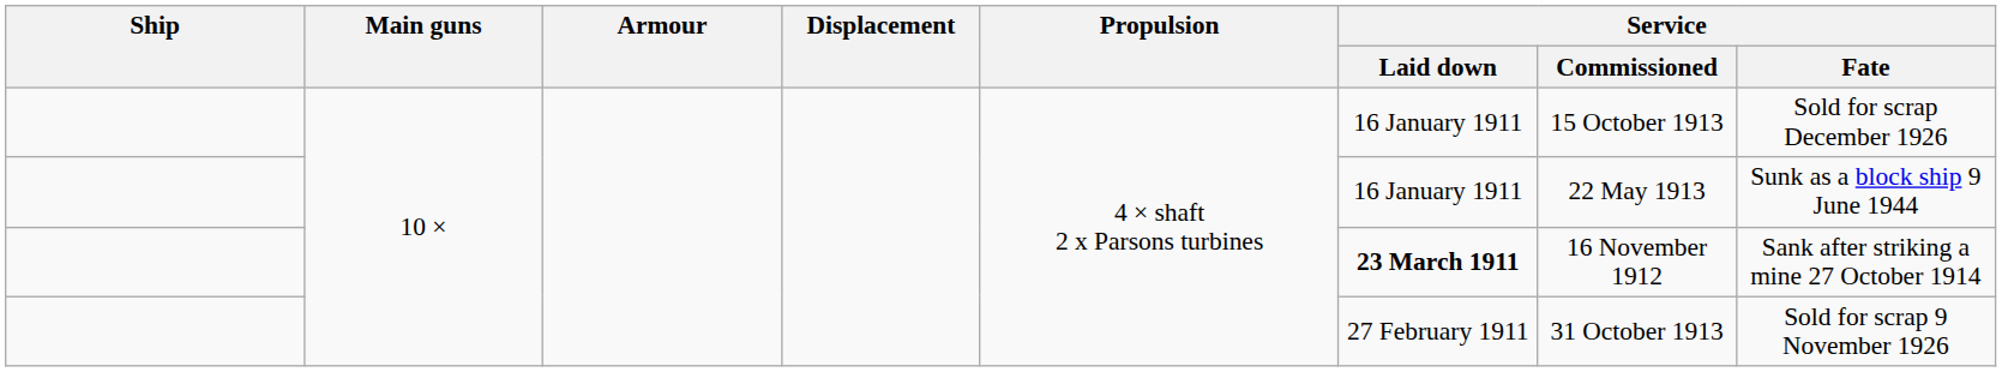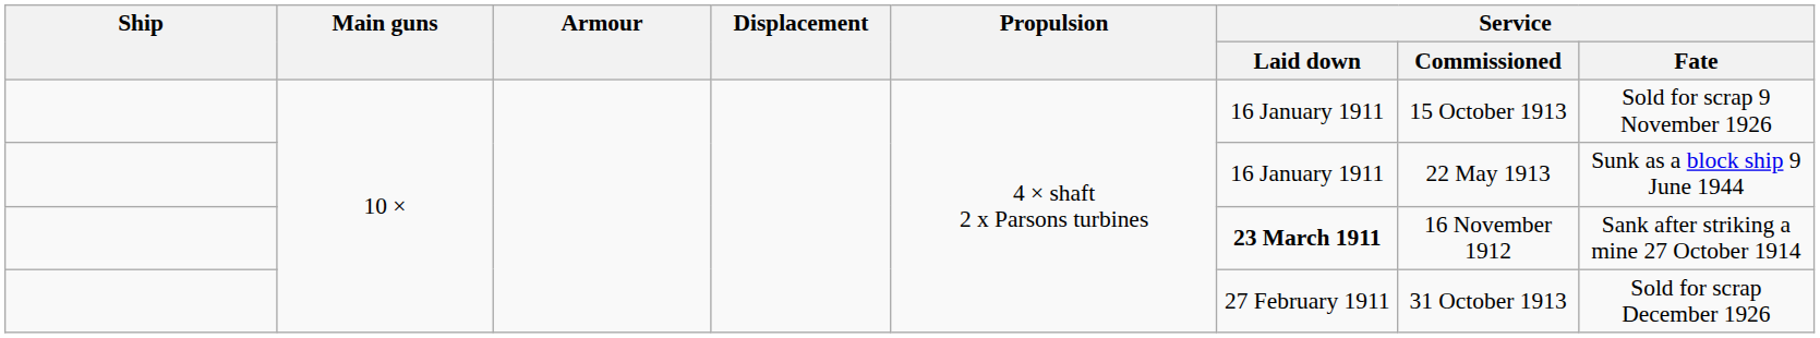 <table class="wikitable" style="width:98%;">
 <tr valign="top"|- valign="top">
 <th style="width:15%; text-align:center;" rowspan="2">Ship</th>
 <th style="width:12%; text-align:center;" rowspan="2">Main guns</th>
 <th style="width:12%; text-align:center;" rowspan="2">Armour</th>
 <th style="width:10%; text-align:center;" rowspan="2">Displacement</th>
 <th style="width:18%; text-align:center;" rowspan="2">Propulsion</th>
 <th style="width:40%; text-align:center;" colspan="3">Service</th>
 </tr>
 <tr valign="top">
 <th style="width:10%; text-align:center;">Laid down</th>
 <th style="width:10%; text-align:center;">Commissioned</th>
 <th style="width:20%; text-align:center;">Fate</th>
 </tr>
 <tr valign="center">
 <td align= center></td>
 <td style="text-align:center;" rowspan=4>10 × </td>
 <td style="text-align:center;" rowspan=4></td>
 <td style="text-align:center;" rowspan=4></td>
 <td align= center rowspan=4>4 × shaft<br>2 x Parsons turbines<br></td>
 <td style="text-align:center;">16 January 1911</td>
 <td style="text-align:center;">15 October 1913</td>
-<td align= center>Sold for scrap December 1926</td>
+<td align= center>Sold for scrap 9 November 1926</td>
 </tr>
 <tr valign="center">
 <td align= center></td>
 <td style="text-align:center;">16 January 1911</td>
 <td style="text-align:center;">22 May 1913</td>
 <td align= center>Sunk as a <a href='#'>block ship</a> 9 June 1944</td>
 </tr>
 <tr valign="center">
 <td align= center></td>
 <td style="text-align:center;"><strong>23 March 1911</strong></td>
 <td style="text-align:center;">16 November 1912</td>
 <td align= center>Sank after striking a mine 27 October 1914</td>
 </tr>
 <tr valign="center">
 <td align= center></td>
 <td style="text-align:center;">27 February 1911</td>
 <td style="text-align:center;">31 October 1913</td>
-<td align= center>Sold for scrap 9 November 1926</td>
+<td align= center>Sold for scrap December 1926</td>
 </tr>
 </table>
